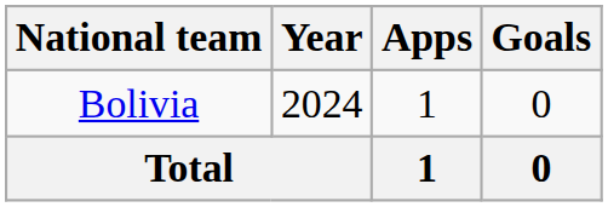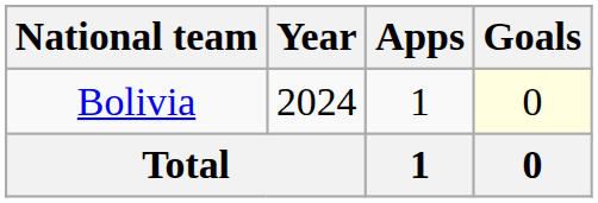 <table class="wikitable" style="text-align:center">
 <tr>
 <th>National team</th>
 <th>Year</th>
 <th>Apps</th>
 <th>Goals</th>
 </tr>
 <tr>
 <td rowspan="1"><a href='#'>Bolivia</a></td>
 <td>2024</td>
 <td>1</td>
-<td>0</td>
+<td style="background: lightyellow;">0</td>
 </tr>
 <tr>
 <th colspan="2">Total</th>
 <th>1</th>
 <th>0</th>
 </tr>
 </table>
